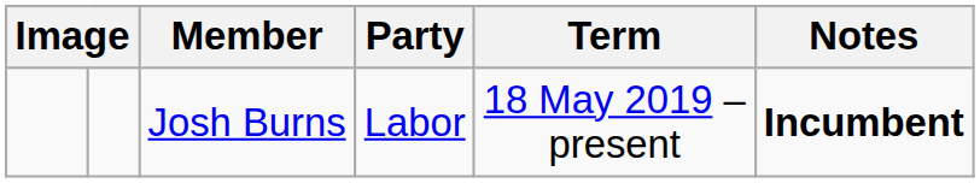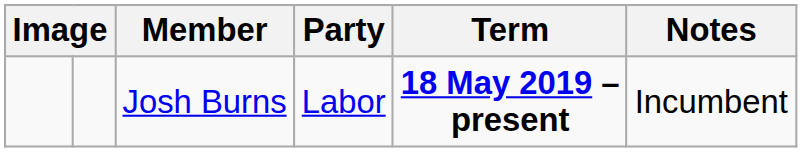 <table class=wikitable style="text-align:center">
 <tr>
 <th colspan=2>Image</th>
 <th>Member</th>
 <th>Party</th>
 <th>Term</th>
 <th>Notes</th>
 </tr>
 <tr>
 <td> </td>
 <td></td>
 <td><a href='#'>Josh Burns</a><br></td>
 <td><a href='#'>Labor</a></td>
-<td nowrap><a href='#'>18 May 2019</a> –<br>present</td>
-<td><strong>Incumbent</strong></td>
+<td nowrap><strong><a href='#'>18 May 2019</a> –<br>present</strong></td>
+<td>Incumbent</td>
 </tr>
 </table>
